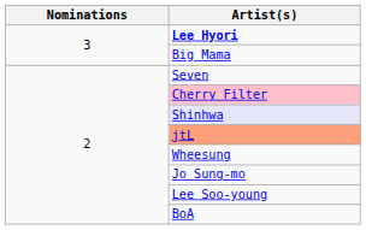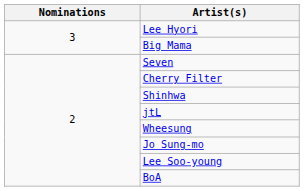 <table class="wikitable"  style="width:30%;">
 <tr>
 <th scope="col">Nominations</th>
 <th scope="col">Artist(s)</th>
 </tr>
 <tr>
 <td align=center rowspan=2>3</td>
-<td><strong><a href='#'>Lee Hyori</a></strong></td>
+<td><a href='#'>Lee Hyori</a></td>
 </tr>
 <tr>
 <td><a href='#'>Big Mama</a></td>
 </tr>
 <tr>
 <td rowspan=8 align=center>2</td>
 <td><a href='#'>Seven</a></td>
 </tr>
 <tr>
-<td style="background: pink;"><a href='#'>Cherry Filter</a></td>
+<td><a href='#'>Cherry Filter</a></td>
 </tr>
 <tr>
-<td style="background: lavender;"><a href='#'>Shinhwa</a></td>
+<td><a href='#'>Shinhwa</a></td>
 </tr>
 <tr>
-<td style="background: lightsalmon;"><a href='#'>jtL</a></td>
+<td><a href='#'>jtL</a></td>
 </tr>
 <tr>
 <td><a href='#'>Wheesung</a></td>
 </tr>
 <tr>
 <td><a href='#'>Jo Sung-mo</a></td>
 </tr>
 <tr>
 <td><a href='#'>Lee Soo-young</a></td>
 </tr>
 <tr>
 <td><a href='#'>BoA</a></td>
 </tr>
 </table>
